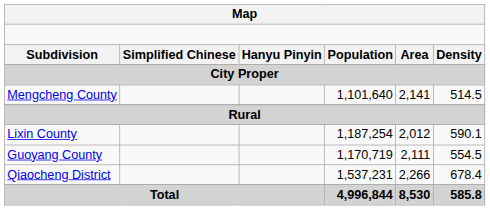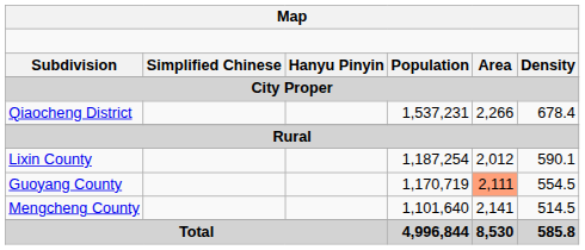 <table class="wikitable">
 <tr>
 <th colspan="6">Map</th>
 </tr>
 <tr>
 <td colspan="6"><div><br>       </div></td>
 </tr>
 <tr>
 <th align=left>Subdivision</th>
 <th align=left>Simplified Chinese</th>
 <th align=left>Hanyu Pinyin</th>
 <th align=left>Population </th>
 <th align=left>Area </th>
 <th align=left>Density </th>
 </tr>
 <tr>
 </tr>
 <tr style="background:#d3d3d3;">
 <td colspan="6"  style="text-align:center; "><strong>City Proper</strong></td>
 </tr>
 <tr>
-<td align=left><a href='#'>Mengcheng County</a></td>
+<td align=left><a href='#'>Qiaocheng District</a></td>
 <td align=left></td>
 <td align=left></td>
-<td align=right>1,101,640</td>
-<td align=right>2,141</td>
-<td align=right>514.5</td>
+<td align=right>1,537,231</td>
+<td align=right>2,266</td>
+<td align=right>678.4</td>
 </tr>
 <tr>
 </tr>
 <tr style="background:#d3d3d3;">
 <td colspan="6"  style="text-align:center; "><strong>Rural</strong></td>
 </tr>
 <tr>
 <td align=left><a href='#'>Lixin County</a></td>
 <td align=left></td>
 <td align=left></td>
 <td align=right>1,187,254</td>
 <td align=right>2,012</td>
 <td align=right>590.1</td>
 </tr>
 <tr>
 <td align=left><a href='#'>Guoyang County</a></td>
 <td align=left></td>
 <td align=left></td>
 <td align=right>1,170,719</td>
-<td align=right>2,111</td>
+<td align=right style="background: lightsalmon;">2,111</td>
 <td align=right>554.5</td>
 </tr>
 <tr>
-<td align=left><a href='#'>Qiaocheng District</a></td>
+<td align=left><a href='#'>Mengcheng County</a></td>
 <td align=left></td>
 <td align=left></td>
-<td align=right>1,537,231</td>
-<td align=right>2,266</td>
-<td align=right>678.4</td>
+<td align=right>1,101,640</td>
+<td align=right>2,141</td>
+<td align=right>514.5</td>
 </tr>
 <tr>
 </tr>
 <tr style="background:#d3d3d3;">
 <td colspan="3" style="text-align:center; "><strong>Total</strong></td>
 <td align=right><strong>4,996,844</strong></td>
 <td align=right><strong>8,530</strong></td>
 <td align=right><strong>585.8</strong></td>
 </tr>
 </table>
